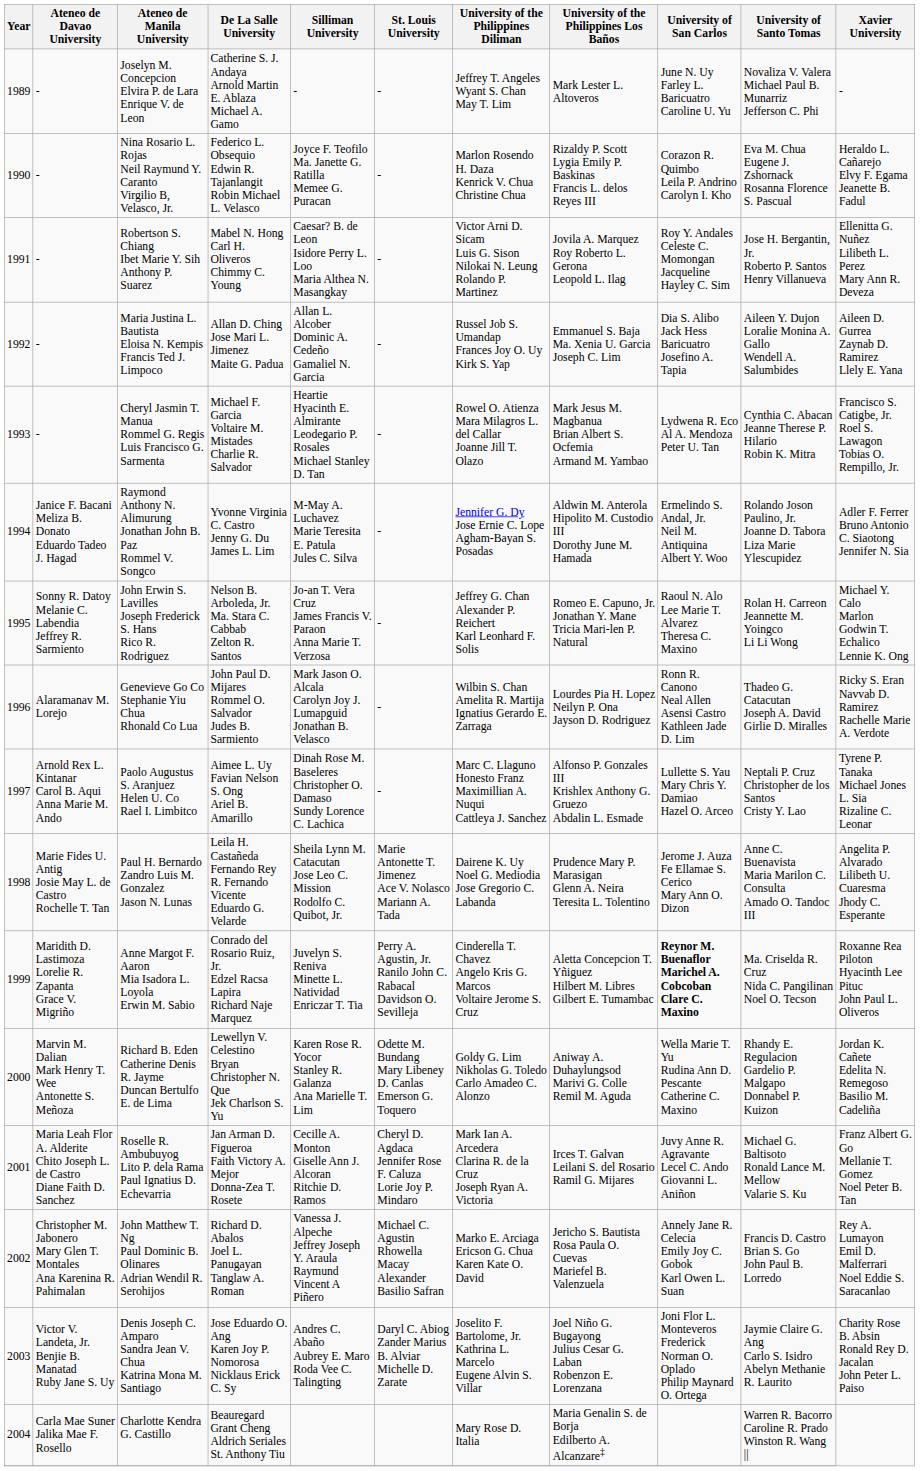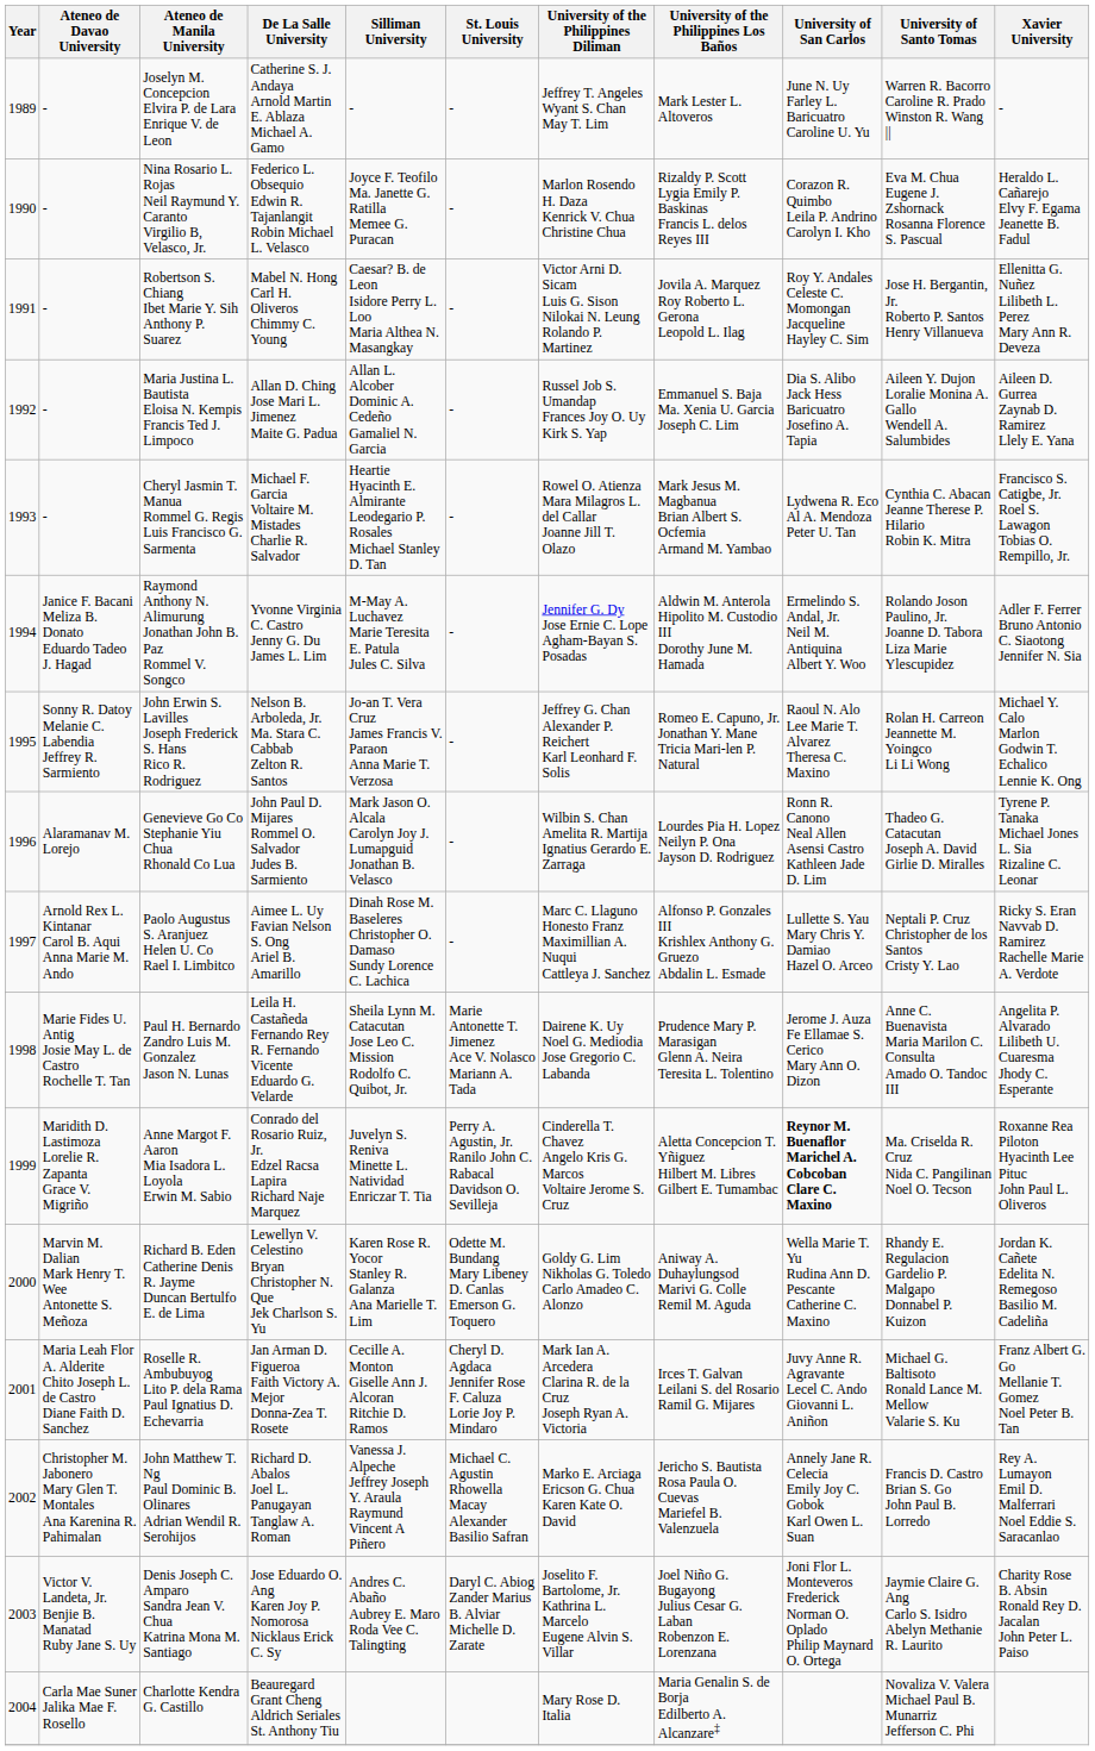 <table class="wikitable">
 <tr>
 <th>Year</th>
 <th>Ateneo de Davao University</th>
 <th>Ateneo de Manila University</th>
 <th>De La Salle University</th>
 <th>Silliman University</th>
 <th>St. Louis University</th>
 <th>University of the Philippines Diliman</th>
 <th>University of the Philippines Los Baños</th>
 <th>University of San Carlos</th>
 <th>University of Santo Tomas</th>
 <th>Xavier University</th>
 </tr>
 <tr>
 <td>1989</td>
 <td>-</td>
 <td>Joselyn M. Concepcion<br>Elvira P. de Lara<br>Enrique V. de Leon</td>
 <td>Catherine S. J. Andaya<br>Arnold Martin E. Ablaza<br>Michael A. Gamo</td>
 <td>-</td>
 <td>-</td>
 <td>Jeffrey T. Angeles<br>Wyant S. Chan<br>May T. Lim</td>
 <td>Mark Lester L. Altoveros</td>
 <td>June N. Uy<br>Farley L. Baricuatro<br>Caroline U. Yu</td>
-<td>Novaliza V. Valera<br>Michael Paul B. Munarriz<br>Jefferson C. Phi</td>
+<td>Warren R. Bacorro<br>Caroline R. Prado Winston R. Wang ||</td>
 <td>-</td>
 </tr>
 <tr>
 <td>1990</td>
 <td>-</td>
 <td>Nina Rosario L. Rojas<br>Neil Raymund Y. Caranto<br>Virgilio B, Velasco, Jr.</td>
 <td>Federico L. Obsequio<br>Edwin R. Tajanlangit<br>Robin Michael L. Velasco</td>
 <td>Joyce F. Teofilo<br>Ma. Janette G. Ratilla<br>Memee G. Puracan</td>
 <td>-</td>
 <td>Marlon Rosendo H. Daza<br>Kenrick V. Chua<br>Christine Chua</td>
 <td>Rizaldy P. Scott<br>Lygia Emily P. Baskinas<br>Francis L. delos Reyes III</td>
 <td>Corazon R. Quimbo<br>Leila P. Andrino<br>Carolyn I. Kho</td>
 <td>Eva M. Chua<br>Eugene J. Zshornack<br>Rosanna Florence S. Pascual</td>
 <td>Heraldo L. Cañarejo<br>Elvy F. Egama<br>Jeanette B. Fadul</td>
 </tr>
 <tr>
 <td>1991</td>
 <td>-</td>
 <td>Robertson S. Chiang<br>Ibet Marie Y. Sih<br>Anthony P. Suarez</td>
 <td>Mabel N. Hong<br>Carl H. Oliveros<br>Chimmy C. Young</td>
 <td>Caesar? B. de Leon<br>Isidore Perry L. Loo<br>Maria Althea N. Masangkay</td>
 <td>-</td>
 <td>Victor Arni D. Sicam<br>Luis G. Sison<br>Nilokai N. Leung<br>Rolando P. Martinez</td>
 <td>Jovila A. Marquez<br>Roy Roberto L. Gerona<br>Leopold L. Ilag</td>
 <td>Roy Y. Andales<br>Celeste C. Momongan<br>Jacqueline Hayley C. Sim</td>
 <td>Jose H. Bergantin, Jr.<br>Roberto P. Santos<br>Henry Villanueva</td>
 <td>Ellenitta G. Nuñez<br>Lilibeth L. Perez<br>Mary Ann R. Deveza</td>
 </tr>
 <tr>
 <td>1992</td>
 <td>-</td>
 <td>Maria Justina L. Bautista<br>Eloisa N. Kempis<br>Francis Ted J. Limpoco</td>
 <td>Allan D. Ching<br>Jose Mari L. Jimenez<br>Maite G. Padua</td>
 <td>Allan L. Alcober<br>Dominic A. Cedeño<br>Gamaliel N. Garcia</td>
 <td>-</td>
 <td>Russel Job S. Umandap<br>Frances Joy O. Uy<br>Kirk S. Yap</td>
 <td>Emmanuel S. Baja<br>Ma. Xenia U. Garcia<br>Joseph C. Lim</td>
 <td>Dia S. Alibo<br>Jack Hess Baricuatro<br>Josefino A. Tapia</td>
 <td>Aileen Y. Dujon<br>Loralie Monina A. Gallo<br>Wendell A. Salumbides</td>
 <td>Aileen D. Gurrea<br>Zaynab D. Ramirez<br>Llely E. Yana</td>
 </tr>
 <tr>
 <td>1993</td>
 <td>-</td>
 <td>Cheryl Jasmin T. Manua<br>Rommel G. Regis<br>Luis Francisco G. Sarmenta</td>
 <td>Michael F. Garcia<br>Voltaire M. Mistades<br>Charlie R. Salvador</td>
 <td>Heartie Hyacinth E. Almirante<br>Leodegario P. Rosales<br>Michael Stanley D. Tan</td>
 <td>-</td>
 <td>Rowel O. Atienza<br>Mara Milagros L. del Callar<br>Joanne Jill T. Olazo</td>
 <td>Mark Jesus M. Magbanua<br>Brian Albert S. Ocfemia<br>Armand M. Yambao</td>
 <td>Lydwena R. Eco<br>Al A. Mendoza<br>Peter U. Tan</td>
 <td>Cynthia C. Abacan<br>Jeanne Therese P. Hilario<br>Robin K. Mitra</td>
 <td>Francisco S. Catigbe, Jr.<br>Roel S. Lawagon<br>Tobias O. Rempillo, Jr.</td>
 </tr>
 <tr>
 <td>1994</td>
 <td>Janice F. Bacani<br>Meliza B. Donato<br>Eduardo Tadeo J. Hagad</td>
 <td>Raymond Anthony N. Alimurung<br>Jonathan John B. Paz<br>Rommel V. Songco</td>
 <td>Yvonne Virginia C. Castro<br>Jenny G. Du<br>James L. Lim</td>
 <td>M-May A. Luchavez<br>Marie Teresita E. Patula<br>Jules C. Silva</td>
 <td>-</td>
 <td><a href='#'>Jennifer G. Dy</a><br>Jose Ernie C. Lope<br>Agham-Bayan S. Posadas</td>
 <td>Aldwin M. Anterola<br>Hipolito M. Custodio III<br>Dorothy June M. Hamada</td>
 <td>Ermelindo S. Andal, Jr.<br>Neil M. Antiquina<br>Albert Y. Woo</td>
 <td>Rolando Joson Paulino, Jr.<br>Joanne D. Tabora<br>Liza Marie Ylescupidez</td>
 <td>Adler F. Ferrer<br>Bruno Antonio C. Siaotong<br>Jennifer N. Sia</td>
 </tr>
 <tr>
 <td>1995</td>
 <td>Sonny R. Datoy<br>Melanie C. Labendia<br>Jeffrey R. Sarmiento</td>
 <td>John Erwin S. Lavilles<br>Joseph Frederick S. Hans<br>Rico R. Rodriguez</td>
 <td>Nelson B. Arboleda, Jr.<br>Ma. Stara C. Cabbab<br>Zelton R. Santos</td>
 <td>Jo-an T. Vera Cruz<br>James Francis V. Paraon<br>Anna Marie T. Verzosa</td>
 <td>-</td>
 <td>Jeffrey G. Chan<br>Alexander P. Reichert<br>Karl Leonhard F. Solis</td>
 <td>Romeo E. Capuno, Jr.<br>Jonathan Y. Mane<br>Tricia Mari-len P. Natural</td>
 <td>Raoul N. Alo<br>Lee Marie T. Alvarez<br>Theresa C. Maxino</td>
 <td>Rolan H. Carreon<br>Jeannette M. Yoingco<br>Li Li Wong</td>
 <td>Michael Y. Calo<br>Marlon Godwin T. Echalico<br>Lennie K. Ong</td>
 </tr>
 <tr>
 <td>1996</td>
 <td>Alaramanav M. Lorejo</td>
 <td>Genevieve Go Co<br>Stephanie Yiu Chua<br>Rhonald Co Lua</td>
 <td>John Paul D. Mijares<br>Rommel O. Salvador<br>Judes B. Sarmiento</td>
 <td>Mark Jason O. Alcala<br>Carolyn Joy J. Lumapguid<br>Jonathan B. Velasco</td>
 <td>-</td>
 <td>Wilbin S. Chan<br>Amelita R. Martija<br>Ignatius Gerardo E. Zarraga</td>
 <td>Lourdes Pia H. Lopez<br>Neilyn P. Ona<br>Jayson D. Rodriguez</td>
 <td>Ronn R. Canono<br>Neal Allen Asensi Castro<br>Kathleen Jade D. Lim</td>
 <td>Thadeo G. Catacutan<br>Joseph A. David<br>Girlie D. Miralles</td>
-<td>Ricky S. Eran<br>Navvab D. Ramirez<br>Rachelle Marie A. Verdote</td>
+<td>Tyrene P. Tanaka<br>Michael Jones L. Sia<br>Rizaline C. Leonar</td>
 </tr>
 <tr>
 <td>1997</td>
 <td>Arnold Rex L. Kintanar<br>Carol B. Aqui<br>Anna Marie M. Ando</td>
 <td>Paolo Augustus S. Aranjuez<br>Helen U. Co<br>Rael I. Limbitco</td>
 <td>Aimee L. Uy<br>Favian Nelson S. Ong<br>Ariel B. Amarillo</td>
 <td>Dinah Rose M. Baseleres<br>Christopher O. Damaso<br>Sundy Lorence C. Lachica</td>
 <td>-</td>
 <td>Marc C. Llaguno<br>Honesto Franz Maximillian A. Nuqui<br>Cattleya J. Sanchez</td>
 <td>Alfonso P. Gonzales III<br>Krishlex Anthony G. Gruezo<br>Abdalin L. Esmade</td>
 <td>Lullette S. Yau<br>Mary Chris Y. Damiao<br>Hazel O. Arceo</td>
 <td>Neptali P. Cruz<br>Christopher de los Santos<br>Cristy Y. Lao</td>
-<td>Tyrene P. Tanaka<br>Michael Jones L. Sia<br>Rizaline C. Leonar</td>
+<td>Ricky S. Eran<br>Navvab D. Ramirez<br>Rachelle Marie A. Verdote</td>
 </tr>
 <tr>
 <td>1998</td>
 <td>Marie Fides U. Antig<br>Josie May L. de Castro<br>Rochelle T. Tan</td>
 <td>Paul H. Bernardo<br>Zandro Luis M. Gonzalez<br>Jason N. Lunas</td>
 <td>Leila H. Castañeda<br>Fernando Rey R. Fernando<br>Vicente Eduardo G. Velarde</td>
 <td>Sheila Lynn M. Catacutan<br>Jose Leo C. Mission<br>Rodolfo C. Quibot, Jr.</td>
 <td>Marie Antonette T. Jimenez<br>Ace V. Nolasco<br>Mariann A. Tada</td>
 <td>Dairene K. Uy<br>Noel G. Mediodia<br>Jose Gregorio C. Labanda</td>
 <td>Prudence Mary P. Marasigan<br>Glenn A. Neira<br>Teresita L. Tolentino</td>
 <td>Jerome J. Auza<br>Fe Ellamae S. Cerico<br>Mary Ann O. Dizon</td>
 <td>Anne C. Buenavista<br>Maria Marilon C. Consulta<br>Amado O. Tandoc III</td>
 <td>Angelita P. Alvarado<br>Lilibeth U. Cuaresma<br>Jhody C. Esperante</td>
 </tr>
 <tr>
 <td>1999</td>
 <td>Maridith D. Lastimoza<br>Lorelie R. Zapanta<br>Grace V. Migriño</td>
 <td>Anne Margot F. Aaron<br>Mia Isadora L. Loyola<br>Erwin M. Sabio</td>
 <td>Conrado del Rosario Ruiz, Jr.<br>Edzel Racsa Lapira<br>Richard Naje Marquez</td>
 <td>Juvelyn S. Reniva<br>Minette L. Natividad<br>Enriczar T. Tia</td>
 <td>Perry A. Agustin, Jr.<br>Ranilo John C. Rabacal<br>Davidson O. Sevilleja</td>
 <td>Cinderella T. Chavez<br>Angelo Kris G. Marcos<br>Voltaire Jerome S. Cruz</td>
 <td>Aletta Concepcion T. Yñiguez<br>Hilbert M. Libres<br>Gilbert E. Tumambac</td>
 <td><strong>Reynor M. Buenaflor<br>Marichel A. Cobcoban<br>Clare C. Maxino</strong></td>
 <td>Ma. Criselda R. Cruz<br>Nida C. Pangilinan<br>Noel O. Tecson</td>
 <td>Roxanne Rea Piloton<br>Hyacinth Lee Pituc<br>John Paul L. Oliveros</td>
 </tr>
 <tr>
 <td>2000</td>
 <td>Marvin M. Dalian<br>Mark Henry T. Wee<br>Antonette S. Meñoza</td>
 <td>Richard B. Eden<br>Catherine Denis R. Jayme<br>Duncan Bertulfo E. de Lima</td>
 <td>Lewellyn V. Celestino<br>Bryan Christopher N. Que<br>Jek Charlson S. Yu</td>
 <td>Karen Rose R. Yocor<br>Stanley R. Galanza<br>Ana Marielle T. Lim</td>
 <td>Odette M. Bundang<br>Mary Libeney D. Canlas<br>Emerson G. Toquero</td>
 <td>Goldy G. Lim<br>Nikholas G. Toledo<br>Carlo Amadeo C. Alonzo</td>
 <td>Aniway A. Duhaylungsod<br>Marivi G. Colle<br>Remil M. Aguda</td>
 <td>Wella Marie T. Yu<br>Rudina Ann D. Pescante<br>Catherine C. Maxino</td>
 <td>Rhandy E. Regulacion<br>Gardelio P. Malgapo<br>Donnabel P. Kuizon</td>
 <td>Jordan K. Cañete<br>Edelita N. Remegoso<br>Basilio M. Cadeliña</td>
 </tr>
 <tr>
 <td>2001</td>
 <td>Maria Leah Flor A. Alderite<br>Chito Joseph L. de Castro<br>Diane Faith D. Sanchez</td>
 <td>Roselle R. Ambubuyog<br>Lito P. dela Rama<br>Paul Ignatius D. Echevarria</td>
 <td>Jan Arman D. Figueroa<br>Faith Victory A. Mejor<br>Donna-Zea T. Rosete</td>
 <td>Cecille A. Monton<br>Giselle Ann J. Alcoran<br>Ritchie D. Ramos</td>
 <td>Cheryl D. Agdaca<br>Jennifer Rose F. Caluza<br>Lorie Joy P. Mindaro</td>
 <td>Mark Ian A. Arcedera<br>Clarina R. de la Cruz<br>Joseph Ryan A. Victoria</td>
 <td>Irces T. Galvan<br>Leilani S. del Rosario<br>Ramil G. Mijares</td>
 <td>Juvy Anne R. Agravante<br>Lecel C. Ando<br>Giovanni L. Aniñon</td>
 <td>Michael G. Baltisoto<br>Ronald Lance M. Mellow<br>Valarie S. Ku</td>
 <td>Franz Albert G. Go<br>Mellanie T. Gomez<br>Noel Peter B. Tan</td>
 </tr>
 <tr>
 <td>2002</td>
 <td>Christopher M. Jabonero<br>Mary Glen T. Montales<br>Ana Karenina R. Pahimalan</td>
 <td>John Matthew T. Ng<br>Paul Dominic B. Olinares<br>Adrian Wendil R. Serohijos</td>
 <td>Richard D. Abalos<br>Joel L. Panugayan<br>Tanglaw A. Roman</td>
 <td>Vanessa J. Alpeche<br>Jeffrey Joseph Y. Araula<br>Raymund Vincent A Piñero</td>
 <td>Michael C. Agustin<br>Rhowella Macay<br>Alexander Basilio Safran</td>
 <td>Marko E. Arciaga<br>Ericson G. Chua<br>Karen Kate O. David</td>
 <td>Jericho S. Bautista<br>Rosa Paula O. Cuevas<br>Mariefel B. Valenzuela</td>
 <td>Annely Jane R. Celecia<br>Emily Joy C. Gobok<br>Karl Owen L. Suan</td>
 <td>Francis D. Castro<br>Brian S. Go<br>John Paul B. Lorredo</td>
 <td>Rey A. Lumayon<br>Emil D. Malferrari<br>Noel Eddie S. Saracanlao</td>
 </tr>
 <tr>
 <td>2003</td>
 <td>Victor V. Landeta, Jr.<br>Benjie B. Manatad<br>Ruby Jane S. Uy</td>
 <td>Denis Joseph C. Amparo<br>Sandra Jean V. Chua<br>Katrina Mona M. Santiago</td>
 <td>Jose Eduardo O. Ang<br>Karen Joy P. Nomorosa<br>Nicklaus Erick C. Sy</td>
 <td>Andres C. Abaño<br>Aubrey E. Maro<br>Roda Vee C. Talingting</td>
 <td>Daryl C. Abiog<br>Zander Marius B. Alviar<br>Michelle D. Zarate</td>
 <td>Joselito F. Bartolome, Jr.<br>Kathrina L. Marcelo<br>Eugene Alvin S. Villar</td>
 <td>Joel Niño G. Bugayong<br>Julius Cesar G. Laban<br>Robenzon E. Lorenzana</td>
 <td>Joni Flor L. Monteveros<br>Frederick Norman O. Oplado<br>Philip Maynard O. Ortega</td>
 <td>Jaymie Claire G. Ang<br>Carlo S. Isidro<br>Abelyn Methanie R. Laurito</td>
 <td>Charity Rose B. Absin<br>Ronald Rey D. Jacalan<br>John Peter L. Paiso</td>
 </tr>
 <tr>
 <td>2004</td>
 <td>Carla Mae Suner<br>Jalika Mae F. Rosello</td>
 <td>Charlotte Kendra G. Castillo<br><br></td>
 <td>Beauregard Grant Cheng<br>Aldrich Seriales<br>St. Anthony Tiu</td>
 <td></td>
 <td></td>
 <td>Mary Rose D. Italia</td>
 <td>Maria Genalin S. de Borja<br>Edilberto A. Alcanzare<sup>‡</sup></td>
 <td></td>
-<td>Warren R. Bacorro<br>Caroline R. Prado Winston R. Wang ||</td>
+<td>Novaliza V. Valera<br>Michael Paul B. Munarriz<br>Jefferson C. Phi</td>
 </tr>
 <tr>
 </tr>
 </table>
